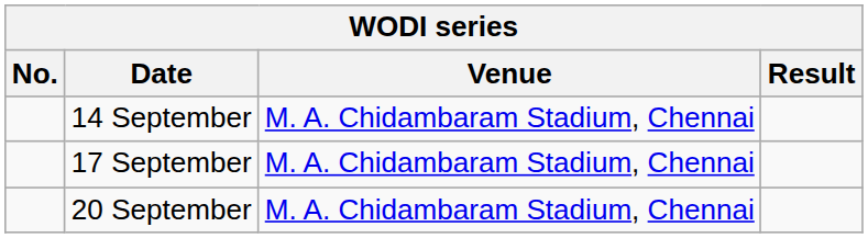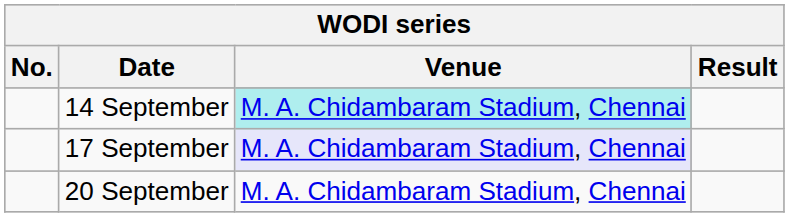 <table class="wikitable">
 <tr>
 <th colspan="4">WODI series</th>
 </tr>
 <tr>
 <th>No.</th>
 <th>Date</th>
 <th>Venue</th>
 <th>Result</th>
 </tr>
 <tr>
 <td></td>
 <td>14 September</td>
-<td><a href='#'>M. A. Chidambaram Stadium</a>, <a href='#'>Chennai</a></td>
+<td style="background: paleturquoise;"><a href='#'>M. A. Chidambaram Stadium</a>, <a href='#'>Chennai</a></td>
 <td></td>
 </tr>
 <tr>
 <td></td>
 <td>17 September</td>
-<td><a href='#'>M. A. Chidambaram Stadium</a>, <a href='#'>Chennai</a></td>
+<td style="background: lavender;"><a href='#'>M. A. Chidambaram Stadium</a>, <a href='#'>Chennai</a></td>
 <td></td>
 </tr>
 <tr>
 <td></td>
 <td>20 September</td>
 <td><a href='#'>M. A. Chidambaram Stadium</a>, <a href='#'>Chennai</a></td>
 <td></td>
 </tr>
 </table>
